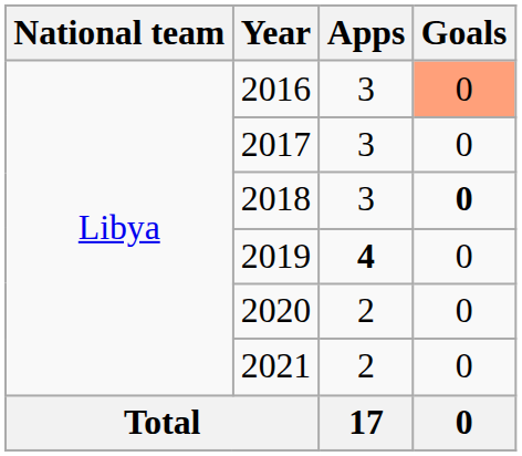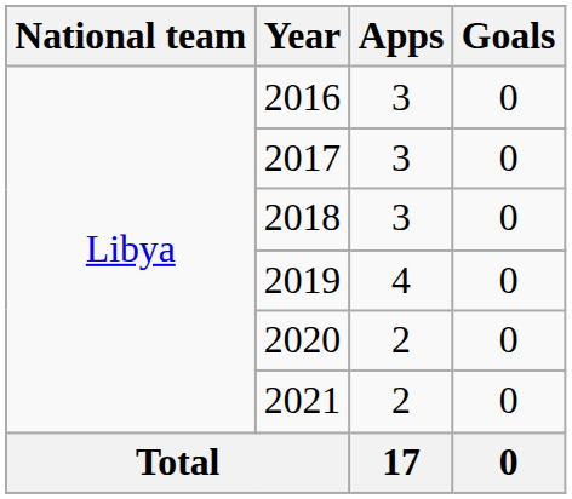 <table class="wikitable" style="text-align:center">
 <tr>
 <th>National team</th>
 <th>Year</th>
 <th>Apps</th>
 <th>Goals</th>
 </tr>
 <tr>
 <td rowspan="6"><a href='#'>Libya</a></td>
 <td>2016</td>
 <td>3</td>
-<td style="background: lightsalmon;">0</td>
+<td>0</td>
 </tr>
 <tr>
 <td>2017</td>
 <td>3</td>
 <td>0</td>
 </tr>
 <tr>
 <td>2018</td>
 <td>3</td>
-<td><strong>0</strong></td>
+<td>0</td>
 </tr>
 <tr>
 <td>2019</td>
-<td><strong>4</strong></td>
+<td>4</td>
 <td>0</td>
 </tr>
 <tr>
 <td>2020</td>
 <td>2</td>
 <td>0</td>
 </tr>
 <tr>
 <td>2021</td>
 <td>2</td>
 <td>0</td>
 </tr>
 <tr>
 <th colspan=2>Total</th>
 <th>17</th>
 <th>0</th>
 </tr>
 </table>
